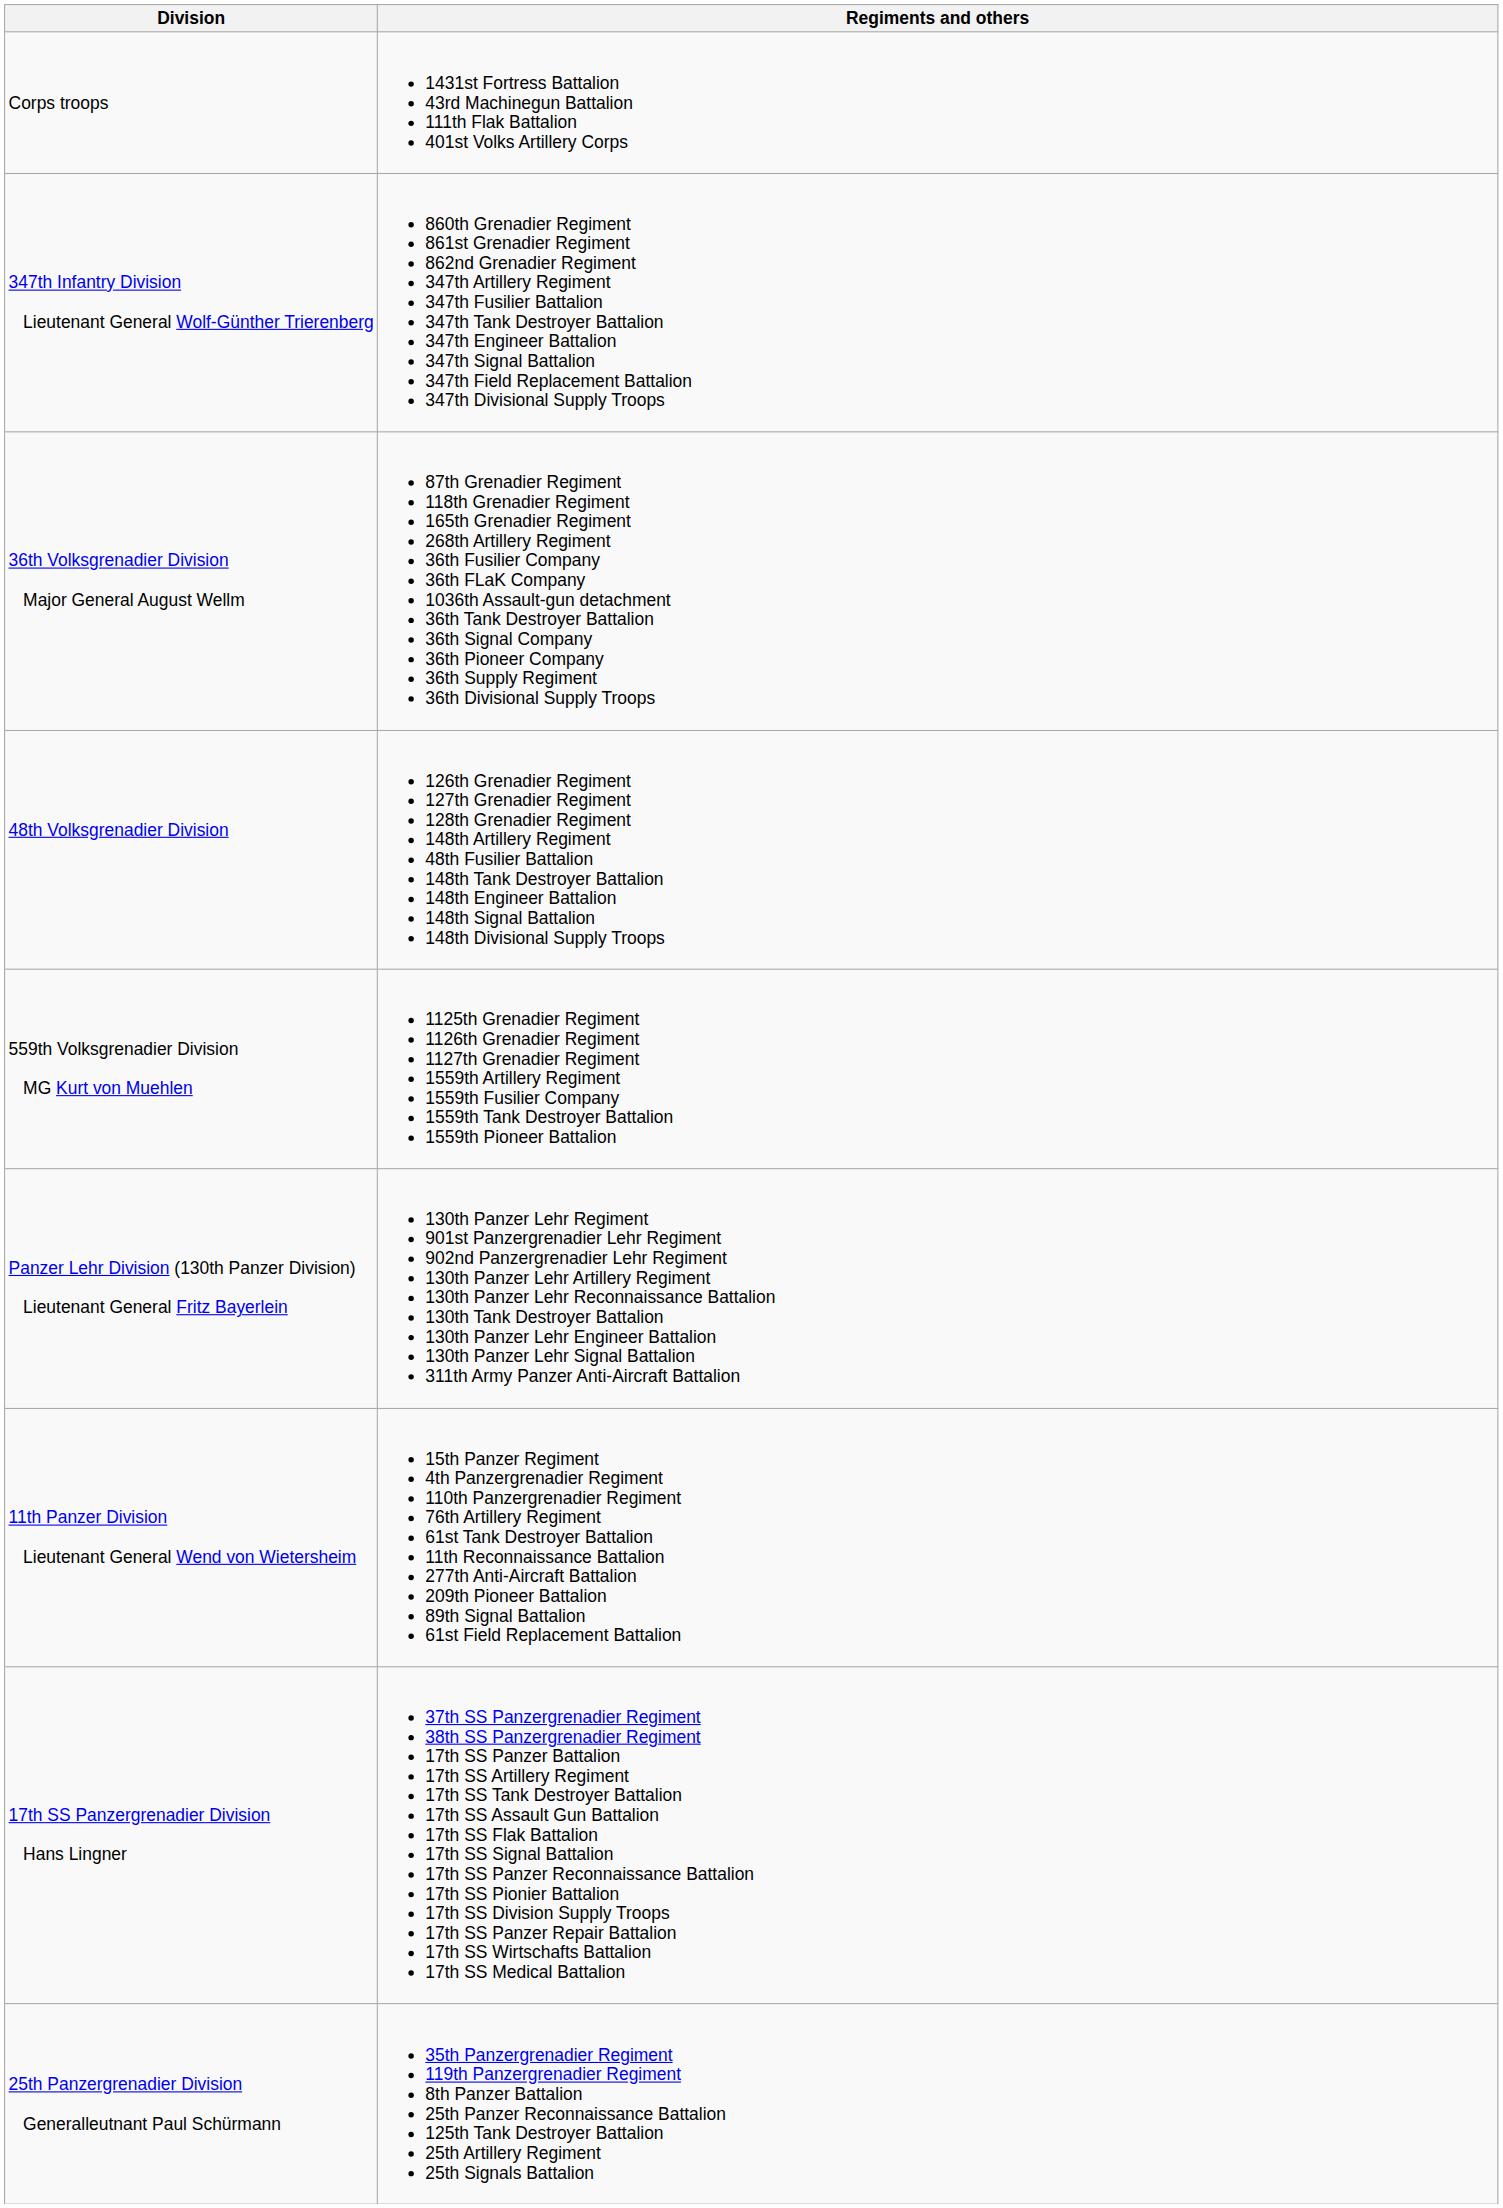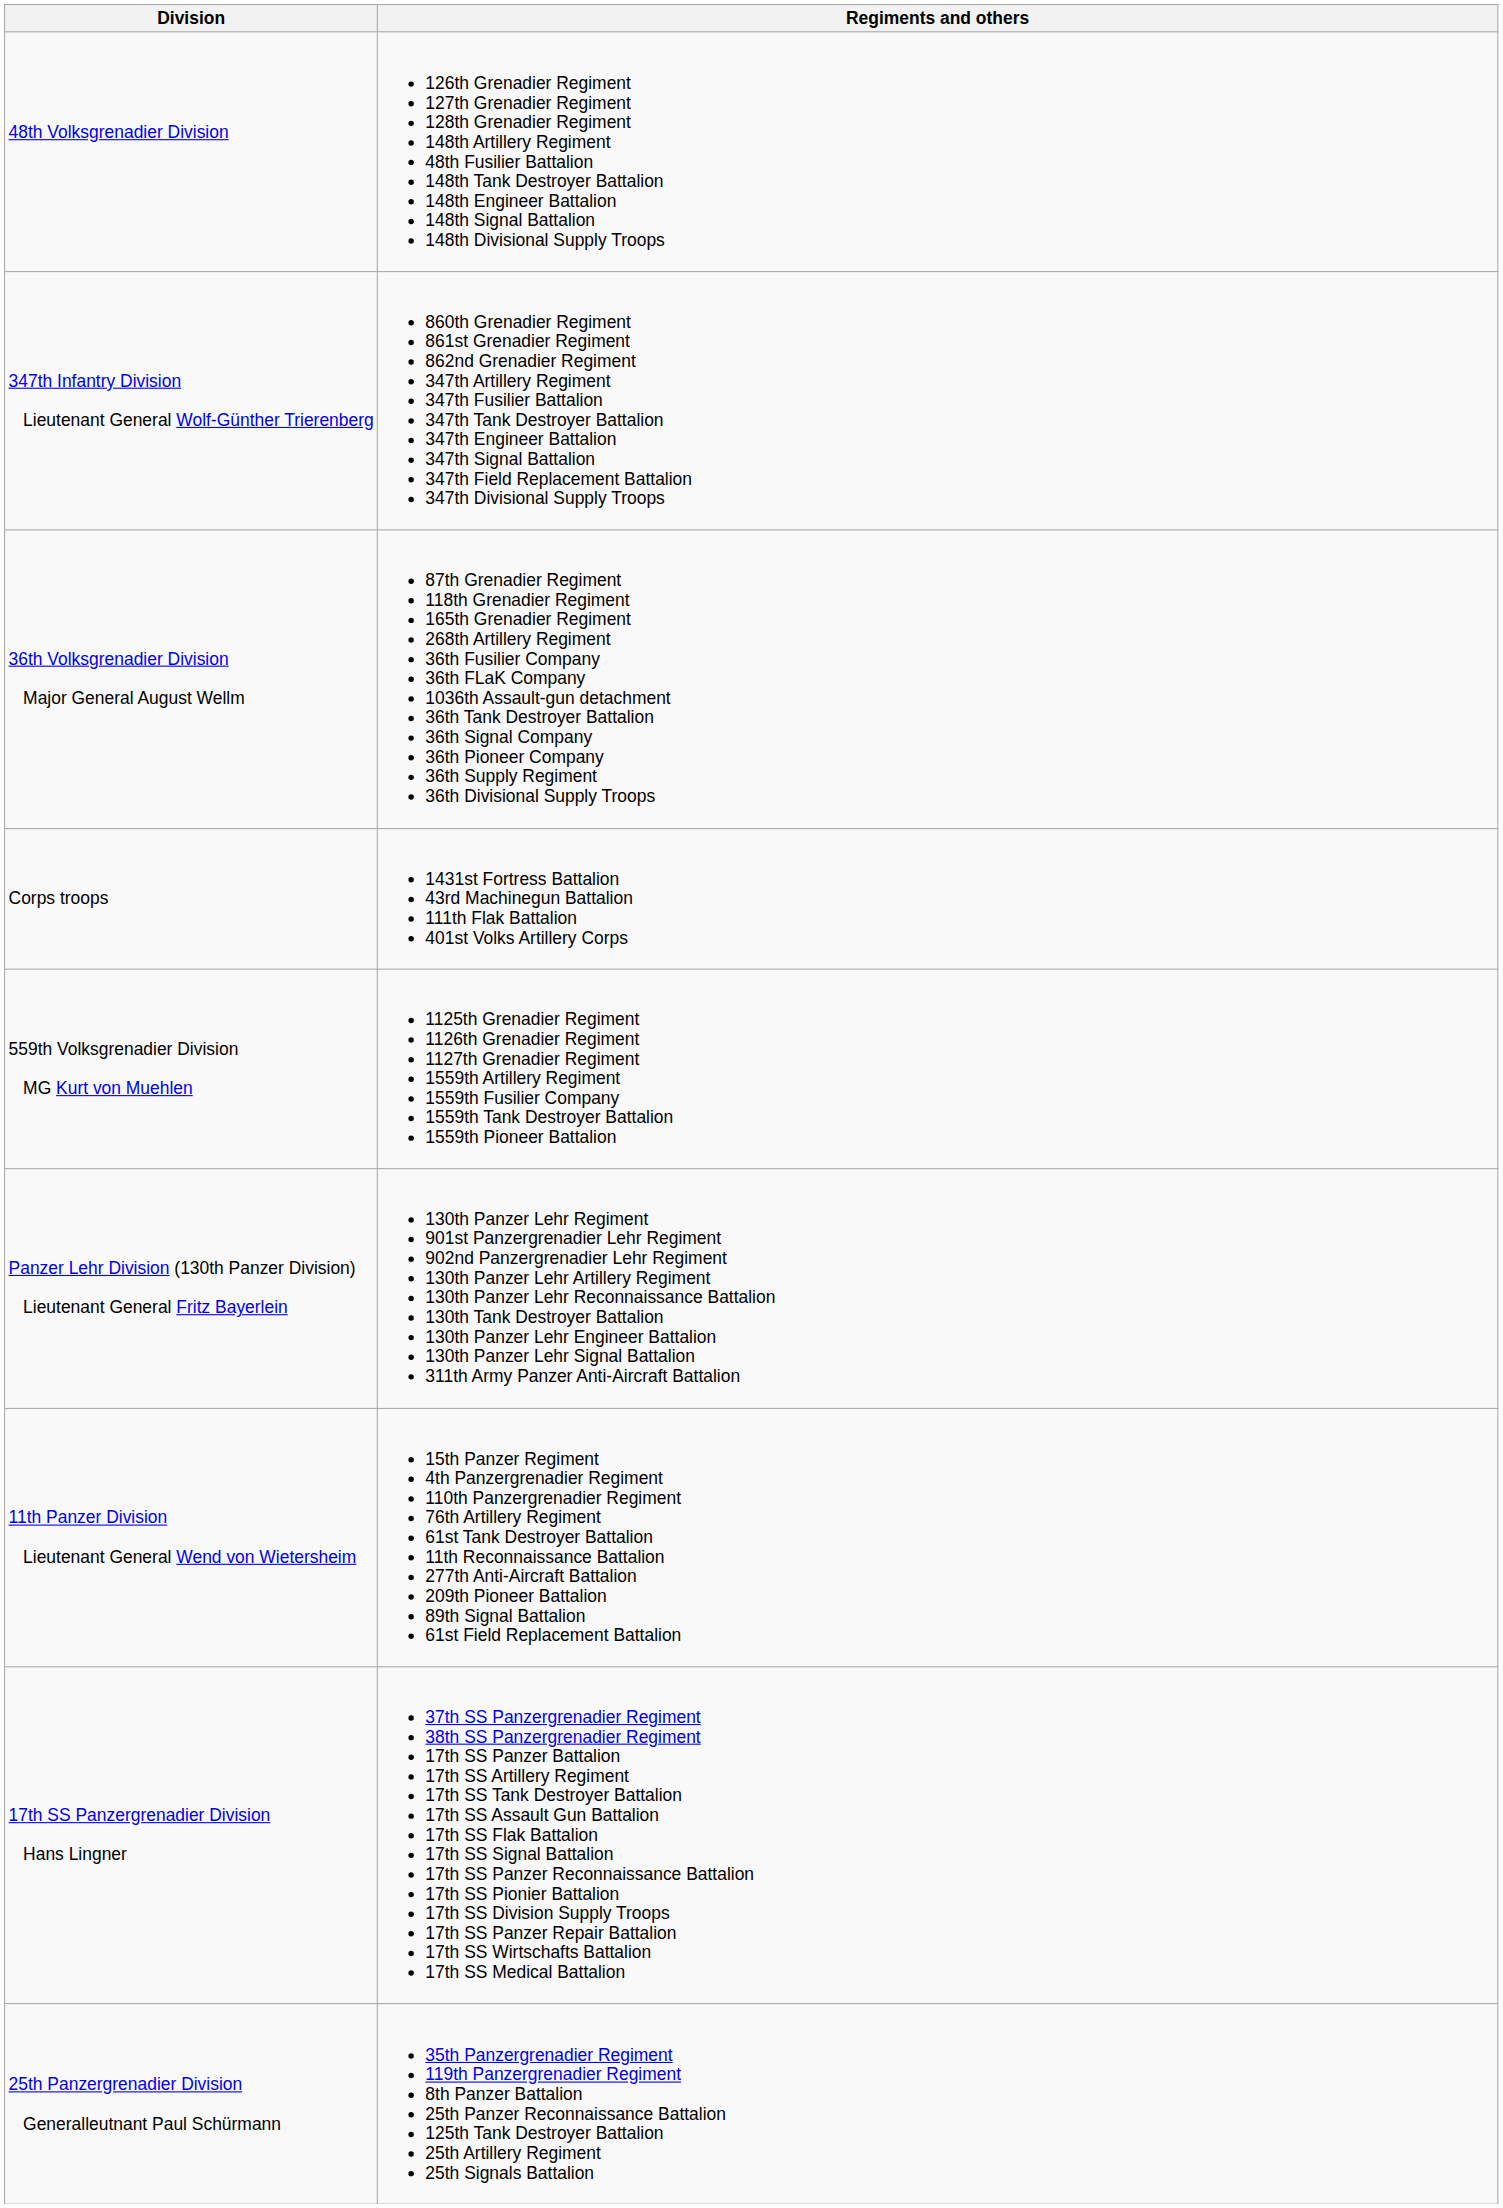 <table class="wikitable">
 <tr>
 <th width=25%>Division</th>
 <th>Regiments and others</th>
 </tr>
 <tr>
-<td>Corps troops</td>
-<td><br><ul><li>1431st Fortress Battalion</li><li>43rd Machinegun Battalion</li><li>111th Flak Battalion</li><li>401st Volks Artillery Corps</li></ul></td>
+<td><a href='#'>48th Volksgrenadier Division</a><br><br>  </td>
+<td><br><ul><li>126th Grenadier Regiment</li><li>127th Grenadier Regiment</li><li>128th Grenadier Regiment</li><li>148th Artillery Regiment</li><li>48th Fusilier Battalion</li><li>148th Tank Destroyer Battalion</li><li>148th Engineer Battalion</li><li>148th Signal Battalion</li><li>148th Divisional Supply Troops</li></ul></td>
 </tr>
 <tr>
 <td><a href='#'>347th Infantry Division</a><br><br>   Lieutenant General <a href='#'>Wolf-Günther Trierenberg</a></td>
 <td><br><ul><li>860th Grenadier Regiment</li><li>861st Grenadier Regiment</li><li>862nd Grenadier Regiment</li><li>347th Artillery Regiment</li><li>347th Fusilier Battalion</li><li>347th Tank Destroyer Battalion</li><li>347th Engineer Battalion</li><li>347th Signal Battalion</li><li>347th Field Replacement Battalion</li><li>347th Divisional Supply Troops</li></ul></td>
 </tr>
 <tr>
 <td><a href='#'>36th Volksgrenadier Division</a><br><br>   Major General August Wellm</td>
 <td><br><ul><li>87th Grenadier Regiment</li><li>118th Grenadier Regiment</li><li>165th Grenadier Regiment</li><li>268th Artillery Regiment</li><li>36th Fusilier Company</li><li>36th FLaK Company</li><li>1036th Assault-gun detachment</li><li>36th Tank Destroyer Battalion</li><li>36th Signal Company</li><li>36th Pioneer Company</li><li>36th Supply Regiment</li><li>36th Divisional Supply Troops</li></ul></td>
 </tr>
 <tr>
-<td><a href='#'>48th Volksgrenadier Division</a><br><br>  </td>
-<td><br><ul><li>126th Grenadier Regiment</li><li>127th Grenadier Regiment</li><li>128th Grenadier Regiment</li><li>148th Artillery Regiment</li><li>48th Fusilier Battalion</li><li>148th Tank Destroyer Battalion</li><li>148th Engineer Battalion</li><li>148th Signal Battalion</li><li>148th Divisional Supply Troops</li></ul></td>
+<td>Corps troops</td>
+<td><br><ul><li>1431st Fortress Battalion</li><li>43rd Machinegun Battalion</li><li>111th Flak Battalion</li><li>401st Volks Artillery Corps</li></ul></td>
 </tr>
 <tr>
 <td>559th Volksgrenadier Division<br><br>   MG <a href='#'>Kurt von Muehlen</a></td>
 <td><br><ul><li>1125th Grenadier Regiment</li><li>1126th Grenadier Regiment</li><li>1127th Grenadier Regiment</li><li>1559th Artillery Regiment</li><li>1559th Fusilier Company</li><li>1559th Tank Destroyer Battalion</li><li>1559th Pioneer Battalion</li></ul></td>
 </tr>
 <tr>
 <td><a href='#'>Panzer Lehr Division</a> (130th Panzer Division)<br><br>   Lieutenant General <a href='#'>Fritz Bayerlein</a></td>
 <td><br><ul><li>130th Panzer Lehr Regiment</li><li>901st Panzergrenadier Lehr Regiment</li><li>902nd Panzergrenadier Lehr Regiment</li><li>130th Panzer Lehr Artillery Regiment</li><li>130th Panzer Lehr Reconnaissance Battalion</li><li>130th Tank Destroyer Battalion</li><li>130th Panzer Lehr Engineer Battalion</li><li>130th Panzer Lehr Signal Battalion</li><li>311th Army Panzer Anti-Aircraft Battalion</li></ul></td>
 </tr>
 <tr>
 <td><a href='#'>11th Panzer Division</a><br><br>   Lieutenant General <a href='#'>Wend von Wietersheim</a></td>
 <td><br><ul><li>15th Panzer Regiment</li><li>4th Panzergrenadier Regiment</li><li>110th Panzergrenadier Regiment</li><li>76th Artillery Regiment</li><li>61st Tank Destroyer Battalion</li><li>11th Reconnaissance Battalion</li><li>277th Anti-Aircraft Battalion</li><li>209th Pioneer Battalion</li><li>89th Signal Battalion</li><li>61st Field Replacement Battalion</li></ul></td>
 </tr>
 <tr>
 <td><a href='#'>17th SS Panzergrenadier Division</a><br><br>   Hans Lingner</td>
 <td><br><ul><li><a href='#'>37th SS Panzergrenadier Regiment</a></li><li><a href='#'>38th SS Panzergrenadier Regiment</a></li><li>17th SS Panzer Battalion</li><li>17th SS Artillery Regiment</li><li>17th SS Tank Destroyer Battalion</li><li>17th SS Assault Gun Battalion</li><li>17th SS Flak Battalion</li><li>17th SS Signal Battalion</li><li>17th SS Panzer Reconnaissance Battalion</li><li>17th SS Pionier Battalion</li><li>17th SS Division Supply Troops</li><li>17th SS Panzer Repair Battalion</li><li>17th SS Wirtschafts Battalion</li><li>17th SS Medical Battalion</li></ul></td>
 </tr>
 <tr>
 <td><a href='#'>25th Panzergrenadier Division</a><br><br>   Generalleutnant Paul Schürmann</td>
 <td><br><ul><li><a href='#'>35th Panzergrenadier Regiment</a></li><li><a href='#'>119th Panzergrenadier Regiment</a></li><li>8th Panzer Battalion</li><li>25th Panzer Reconnaissance Battalion</li><li>125th Tank Destroyer Battalion</li><li>25th Artillery Regiment</li><li>25th Signals Battalion</li></ul></td>
 </tr>
 </table>
